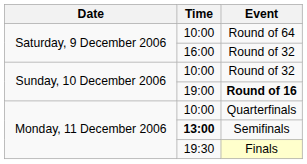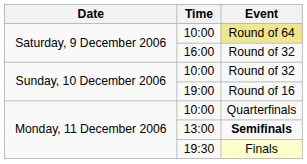 <table class = "wikitable" style="text-align:center;">
 <tr>
 <th width=220>Date</th>
 <th width=50>Time</th>
 <th width=100>Event</th>
 </tr>
 <tr>
 <td rowspan=2>Saturday, 9 December 2006</td>
 <td>10:00</td>
-<td>Round of 64</td>
+<td style="background: khaki;">Round of 64</td>
 </tr>
 <tr>
 <td>16:00</td>
 <td>Round of 32</td>
 </tr>
 <tr>
 <td rowspan=2>Sunday, 10 December 2006</td>
 <td>10:00</td>
 <td>Round of 32</td>
 </tr>
 <tr>
 <td>19:00</td>
-<td><strong>Round of 16</strong></td>
+<td>Round of 16</td>
 </tr>
 <tr>
 <td rowspan=3>Monday, 11 December 2006</td>
 <td>10:00</td>
 <td>Quarterfinals</td>
 </tr>
 <tr>
-<td><strong>13:00</strong></td>
-<td>Semifinals</td>
+<td>13:00</td>
+<td><strong>Semifinals</strong></td>
 </tr>
 <tr>
 <td>19:30</td>
 <td bgcolor=ffffcc>Finals</td>
 </tr>
 </table>
